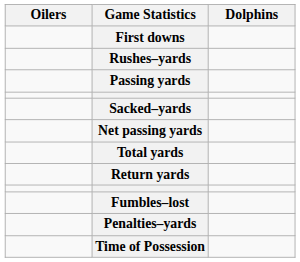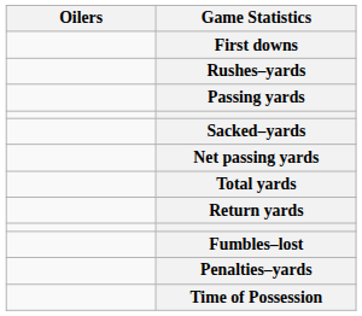 <table class="wikitable" style="margin: 1em auto 1em auto">
 <tr>
 <th style="width:30%;">Oilers</th>
 <th style="width:40%;">Game Statistics</th>
-<th style="width:30%;">Dolphins</th>
 </tr>
 <tr>
 <td style="text-align:right;"></td>
 <th>First downs</th>
-<td></td>
 </tr>
 <tr>
 <td style="text-align:right;"></td>
 <th>Rushes–yards</th>
-<td></td>
 </tr>
 <tr>
 <td style="text-align:right;"></td>
 <th>Passing yards</th>
-<td></td>
 </tr>
 <tr>
 <td style="text-align:right;"></td>
 <th></th>
-<td></td>
 </tr>
 <tr>
 <td style="text-align:right;"></td>
 <th>Sacked–yards</th>
-<td></td>
 </tr>
 <tr>
 <td style="text-align:right;"></td>
 <th>Net passing yards</th>
-<td></td>
 </tr>
 <tr>
 <td style="text-align:right;"></td>
 <th>Total yards</th>
-<td></td>
 </tr>
 <tr>
 <td style="text-align:right;"></td>
 <th>Return yards</th>
-<td></td>
 </tr>
 <tr>
 <td style="text-align:right;"></td>
 <th></th>
-<td></td>
 </tr>
 <tr>
 <td style="text-align:right;"></td>
 <th>Fumbles–lost</th>
-<td></td>
 </tr>
 <tr>
 <td style="text-align:right;"></td>
 <th>Penalties–yards</th>
-<td></td>
 </tr>
 <tr>
 <td style="text-align:right;"></td>
 <th>Time of Possession</th>
-<td></td>
 </tr>
 </table>
